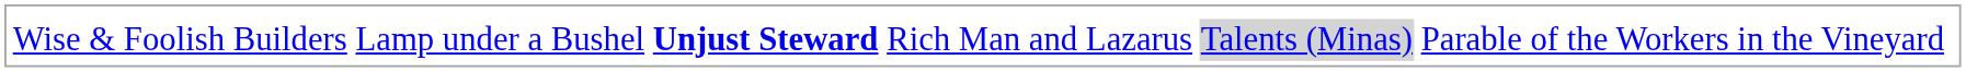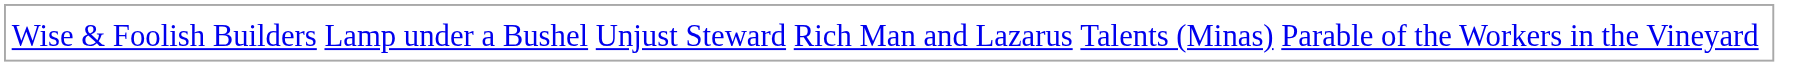 <table style="text-align:center; border:1px solid darkgray;">
 <tr border=0>
 <td></td>
 <td></td>
 <td></td>
 <td></td>
 <td></td>
 <td></td>
 </tr>
 <tr>
 <td><a href='#'>Wise & Foolish Builders</a></td>
 <td><a href='#'>Lamp under a Bushel</a></td>
-<td><strong><a href='#'>Unjust Steward</a></strong></td>
+<td><a href='#'>Unjust Steward</a></td>
 <td><a href='#'>Rich Man and Lazarus</a></td>
-<td style="background: lightgrey;"><a href='#'>Talents (Minas)</a></td>
+<td><a href='#'>Talents (Minas)</a></td>
 <td><a href='#'>Parable of the Workers in the Vineyard</a></td>
 <td></td>
 </tr>
 </table>
